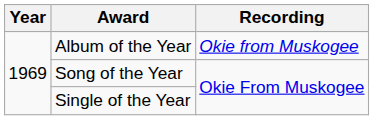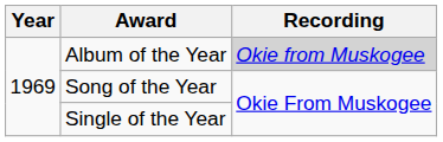 <table class="wikitable">
 <tr>
 <th>Year</th>
 <th>Award</th>
 <th>Recording</th>
 </tr>
 <tr>
 <td rowspan="3">1969</td>
 <td>Album of the Year</td>
-<td><em><a href='#'>Okie from Muskogee</a></em></td>
+<td style="background: lightgrey;"><em><a href='#'>Okie from Muskogee</a></em></td>
 </tr>
 <tr>
 <td>Song of the Year</td>
 <td rowspan="2"><a href='#'>Okie From Muskogee</a></td>
 </tr>
 <tr>
 <td>Single of the Year</td>
 </tr>
 </table>
